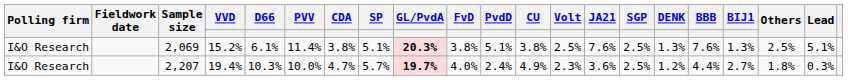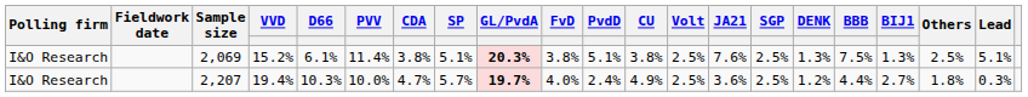 <table class="wikitable sortable mw-datatable" style="text-align:center;font-size:90%;line-height:14px;">
 <tr>
 <th rowspan="2">Polling firm</th>
 <th rowspan="2">Fieldwork<br>date</th>
 <th rowspan="2">Sample<br>size</th>
 <th class="unsortable" style="width:30px;"><a href='#'>VVD</a></th>
 <th class="unsortable" style="width:30px;"><a href='#'>D66</a></th>
 <th class="unsortable" style="width:30px;"><a href='#'>PVV</a></th>
 <th class="unsortable" style="width:30px;"><a href='#'>CDA</a></th>
 <th class="unsortable" style="width:30px;"><a href='#'>SP</a></th>
 <th class="unsortable" style="width:30px;"><a href='#'>GL/PvdA</a></th>
 <th class="unsortable" style="width:30px;"><a href='#'>FvD</a></th>
 <th class="unsortable" style="width:30px;"><a href='#'>PvdD</a></th>
 <th class="unsortable" style="width:30px;"><a href='#'>CU</a></th>
 <th class="unsortable" style="width:30px;"><a href='#'>Volt</a></th>
 <th class="unsortable" style="width:30px;"><a href='#'>JA21</a></th>
 <th class="unsortable" style="width:30px;"><a href='#'>SGP</a></th>
 <th class="unsortable" style="width:30px;"><a href='#'>DENK</a></th>
 <th class="unsortable" style="width:30px;"><a href='#'>BBB</a></th>
 <th class="unsortable" style="width:30px;"><a href='#'>BIJ1</a></th>
 <th rowspan="2" class="unsortable" style="width:30px;">Others</th>
 <th rowspan="2">Lead</th>
 <th class="unsortable" rowspan="2"></th>
 </tr>
 <tr>
 <th data-sort-type="number" style="background:"></th>
 <th data-sort-type="number" style="background:"></th>
 <th data-sort-type="number" style="background:"></th>
 <th data-sort-type="number" style="background:"></th>
 <th data-sort-type="number" style="background:"></th>
 <th data-sort-type="number" style="background:"></th>
 <th data-sort-type="number" style="background:"></th>
 <th data-sort-type="number" style="background:"></th>
 <th data-sort-type="number" style="background:"></th>
 <th data-sort-type="number" style="background:"></th>
 <th data-sort-type="number" style="background:"></th>
 <th data-sort-type="number" style="background:"></th>
 <th data-sort-type="number" style="background:"></th>
 <th data-sort-type="number" style="background:"></th>
 <th data-sort-type="number" style="background:"></th>
 </tr>
 <tr>
 <td>I&O Research</td>
 <td></td>
 <td>2,069</td>
 <td>15.2%</td>
 <td>6.1%</td>
 <td>11.4%</td>
 <td>3.8%</td>
 <td>5.1%</td>
 <td style="background:#fbdbdc;"><strong>20.3%</strong></td>
 <td>3.8%</td>
 <td>5.1%</td>
 <td>3.8%</td>
 <td>2.5%</td>
 <td>7.6%</td>
 <td>2.5%</td>
 <td>1.3%</td>
-<td>7.6%</td>
+<td>7.5%</td>
 <td>1.3%</td>
 <td>2.5%</td>
 <td style="background:">5.1%</td>
 <td></td>
 </tr>
 <tr>
 <td>I&O Research</td>
 <td></td>
 <td>2,207</td>
 <td>19.4%</td>
 <td>10.3%</td>
 <td>10.0%</td>
 <td>4.7%</td>
 <td>5.7%</td>
 <td style="background:#fbdbdc;"><strong>19.7%</strong></td>
 <td>4.0%</td>
 <td>2.4%</td>
 <td>4.9%</td>
-<td>2.3%</td>
+<td>2.5%</td>
 <td>3.6%</td>
 <td>2.5%</td>
 <td>1.2%</td>
 <td>4.4%</td>
 <td>2.7%</td>
 <td>1.8%</td>
 <td style="background:">0.3%</td>
 <td></td>
 </tr>
 </table>
